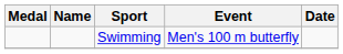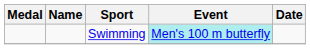 <table class="wikitable sortable"  style="font-size:95%">
 <tr>
 <th>Medal</th>
 <th>Name</th>
 <th>Sport</th>
 <th>Event</th>
 <th>Date</th>
 </tr>
 <tr>
 <td></td>
 <td><strong></strong></td>
 <td><a href='#'>Swimming</a></td>
-<td><a href='#'>Men's 100 m butterfly</a></td>
+<td style="background: paleturquoise;"><a href='#'>Men's 100 m butterfly</a></td>
 <td></td>
 </tr>
 <tr>
 </tr>
 </table>
